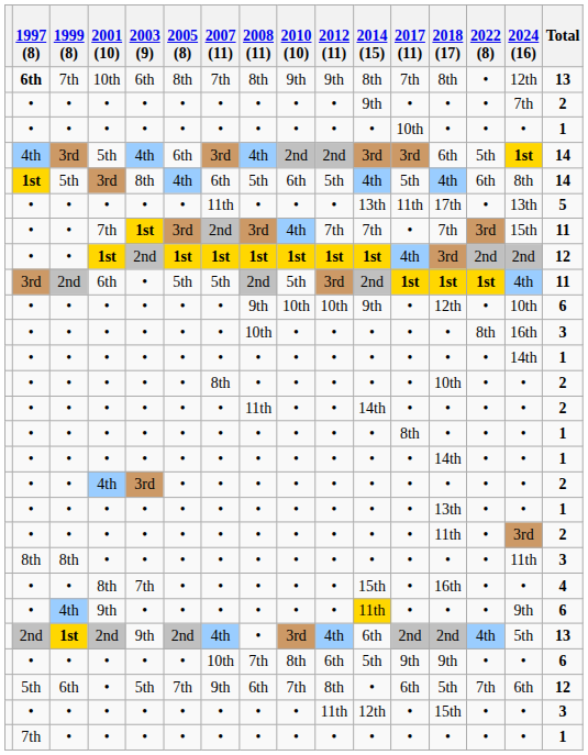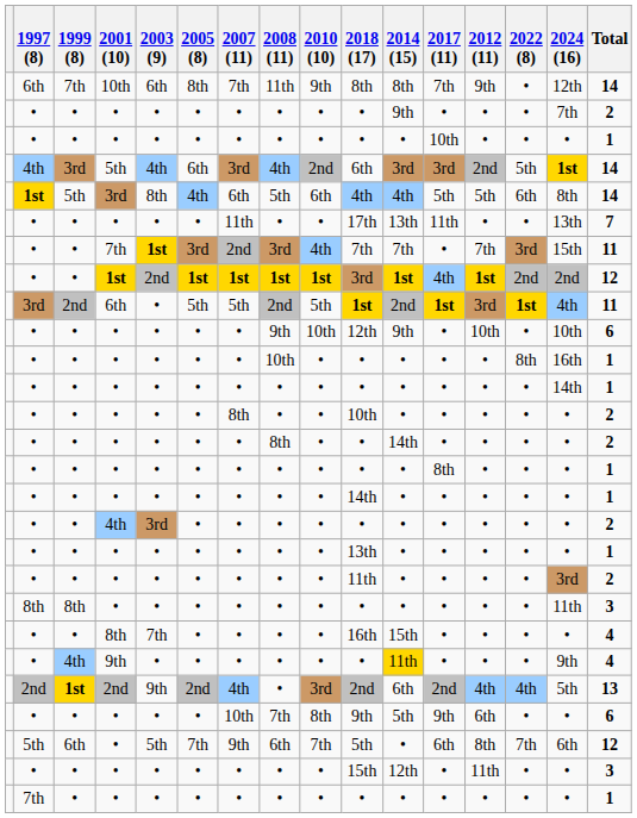 <table class="wikitable" style="text-align:center; font-size:90%">
 <tr>
 <th></th>
 <th><br><a href='#'>1997</a><br>(8)</th>
 <th><br><a href='#'>1999</a><br> (8)</th>
 <th><br><a href='#'>2001</a><br>(10)</th>
 <th><br><a href='#'>2003</a><br>(9)</th>
 <th><br><a href='#'>2005</a><br>(8)</th>
 <th><br><a href='#'>2007</a><br>(11)</th>
 <th><br><a href='#'>2008</a><br>(11)</th>
 <th><br><a href='#'>2010</a><br>(10)</th>
-<th><br><a href='#'>2012</a><br>(11)</th>
+<th><br><a href='#'>2018</a><br>(17)</th>
 <th><br><a href='#'>2014</a><br>(15)</th>
 <th><br><a href='#'>2017</a><br>(11)</th>
-<th><br><a href='#'>2018</a><br>(17)</th>
+<th><br><a href='#'>2012</a><br>(11)</th>
 <th><br><a href='#'>2022</a><br>(8)</th>
 <th><br><a href='#'>2024</a><br>(16)</th>
 <th>Total</th>
 </tr>
 <tr>
 <td align=left></td>
-<td><strong>6th</strong></td>
+<td>6th</td>
 <td>7th</td>
 <td>10th</td>
 <td>6th</td>
 <td>8th</td>
 <td>7th</td>
-<td>8th</td>
-<td>9th</td>
+<td>11th</td>
 <td>9th</td>
 <td>8th</td>
+<td>8th</td>
 <td>7th</td>
-<td>8th</td>
+<td>9th</td>
 <td>•</td>
 <td>12th</td>
-<td><strong>13</strong></td>
+<td><strong>14</strong></td>
 </tr>
 <tr>
 <td align=left></td>
 <td>•</td>
 <td>•</td>
 <td>•</td>
 <td>•</td>
 <td>•</td>
 <td>•</td>
 <td>•</td>
 <td>•</td>
 <td>•</td>
 <td>9th</td>
 <td>•</td>
 <td>•</td>
 <td>•</td>
 <td>7th</td>
 <td><strong>2</strong></td>
 </tr>
 <tr>
 <td align=left></td>
 <td>•</td>
 <td>•</td>
 <td>•</td>
 <td>•</td>
 <td>•</td>
 <td>•</td>
 <td>•</td>
 <td>•</td>
 <td>•</td>
 <td>•</td>
 <td>10th</td>
 <td>•</td>
 <td>•</td>
 <td>•</td>
 <td><strong>1</strong></td>
 </tr>
 <tr>
 <td align=left></td>
 <td bgcolor=#9acdff>4th</td>
 <td bgcolor=#cc9966>3rd</td>
 <td>5th</td>
 <td bgcolor=#9acdff>4th</td>
 <td>6th</td>
 <td bgcolor=#cc9966>3rd</td>
 <td bgcolor=#9acdff>4th</td>
 <td bgcolor=silver>2nd</td>
-<td bgcolor=silver>2nd</td>
+<td>6th</td>
 <td bgcolor=#cc9966>3rd</td>
 <td bgcolor=#cc9966>3rd</td>
-<td>6th</td>
+<td bgcolor=silver>2nd</td>
 <td>5th</td>
 <td bgcolor=gold><strong>1st</strong></td>
 <td><strong>14</strong></td>
 </tr>
 <tr>
 <td align=left></td>
 <td bgcolor=gold><strong>1st</strong></td>
 <td>5th</td>
 <td bgcolor=#cc9966>3rd</td>
 <td>8th</td>
 <td bgcolor=#9acdff>4th</td>
 <td>6th</td>
 <td>5th</td>
 <td>6th</td>
-<td>5th</td>
+<td bgcolor=#9acdff>4th</td>
 <td bgcolor=#9acdff>4th</td>
 <td>5th</td>
-<td bgcolor=#9acdff>4th</td>
+<td>5th</td>
 <td>6th</td>
 <td>8th</td>
 <td><strong>14</strong></td>
 </tr>
 <tr>
 <td align=left></td>
 <td>•</td>
 <td>•</td>
 <td>•</td>
 <td>•</td>
 <td>•</td>
 <td>11th</td>
 <td>•</td>
 <td>•</td>
+<td>17th</td>
+<td>13th</td>
+<td>11th</td>
+<td>•</td>
 <td>•</td>
 <td>13th</td>
-<td>11th</td>
-<td>17th</td>
-<td>•</td>
-<td>13th</td>
-<td><strong>5</strong></td>
+<td><strong>7</strong></td>
 </tr>
 <tr>
 <td align=left></td>
 <td>•</td>
 <td>•</td>
 <td>7th</td>
 <td bgcolor=gold><strong>1st</strong></td>
 <td bgcolor=#cc9966>3rd</td>
 <td bgcolor=silver>2nd</td>
 <td bgcolor=#cc9966>3rd</td>
 <td bgcolor=#9acdff>4th</td>
 <td>7th</td>
 <td>7th</td>
 <td>•</td>
 <td>7th</td>
 <td bgcolor=#cc9966>3rd</td>
 <td>15th</td>
 <td><strong>11</strong></td>
 </tr>
 <tr>
 <td align=left></td>
 <td>•</td>
 <td>•</td>
 <td bgcolor=gold><strong>1st</strong></td>
 <td bgcolor=silver>2nd</td>
 <td bgcolor=gold><strong>1st</strong></td>
 <td bgcolor=gold><strong>1st</strong></td>
 <td bgcolor=gold><strong>1st</strong></td>
 <td bgcolor=gold><strong>1st</strong></td>
-<td bgcolor=gold><strong>1st</strong></td>
+<td bgcolor=#cc9966>3rd</td>
 <td bgcolor=gold><strong>1st</strong></td>
 <td bgcolor=#9acdff>4th</td>
-<td bgcolor=#cc9966>3rd</td>
+<td bgcolor=gold><strong>1st</strong></td>
 <td bgcolor=silver>2nd</td>
 <td bgcolor=silver>2nd</td>
 <td><strong>12</strong></td>
 </tr>
 <tr>
 <td align=left></td>
 <td bgcolor=#cc9966>3rd</td>
 <td bgcolor=silver>2nd</td>
 <td>6th</td>
 <td>•</td>
 <td>5th</td>
 <td>5th</td>
 <td bgcolor=silver>2nd</td>
 <td>5th</td>
-<td bgcolor=#cc9966>3rd</td>
+<td bgcolor=gold><strong>1st</strong></td>
 <td bgcolor=silver>2nd</td>
 <td bgcolor=gold><strong>1st</strong></td>
-<td bgcolor=gold><strong>1st</strong></td>
+<td bgcolor=#cc9966>3rd</td>
 <td bgcolor=gold><strong>1st</strong></td>
 <td bgcolor=#9acdff>4th</td>
 <td><strong>11</strong></td>
 </tr>
 <tr>
 <td align=left></td>
 <td>•</td>
 <td>•</td>
 <td>•</td>
 <td>•</td>
 <td>•</td>
 <td>•</td>
 <td>9th</td>
 <td>10th</td>
-<td>10th</td>
+<td>12th</td>
 <td>9th</td>
 <td>•</td>
-<td>12th</td>
+<td>10th</td>
 <td>•</td>
 <td>10th</td>
 <td><strong>6</strong></td>
 </tr>
 <tr>
 <td align=left></td>
 <td>•</td>
 <td>•</td>
 <td>•</td>
 <td>•</td>
 <td>•</td>
 <td>•</td>
 <td>10th</td>
 <td>•</td>
 <td>•</td>
 <td>•</td>
 <td>•</td>
 <td>•</td>
 <td>8th</td>
 <td>16th</td>
-<td><strong>3</strong></td>
+<td><strong>1</strong></td>
 </tr>
 <tr>
 <td align=left></td>
 <td>•</td>
 <td>•</td>
 <td>•</td>
 <td>•</td>
 <td>•</td>
 <td>•</td>
 <td>•</td>
 <td>•</td>
 <td>•</td>
 <td>•</td>
 <td>•</td>
 <td>•</td>
 <td>•</td>
 <td>14th</td>
 <td><strong>1</strong></td>
 </tr>
 <tr>
 <td align=left></td>
 <td>•</td>
 <td>•</td>
 <td>•</td>
 <td>•</td>
 <td>•</td>
 <td>8th</td>
 <td>•</td>
 <td>•</td>
+<td>10th</td>
 <td>•</td>
 <td>•</td>
 <td>•</td>
-<td>10th</td>
 <td>•</td>
 <td>•</td>
 <td><strong>2</strong></td>
 </tr>
 <tr>
 <td align=left></td>
 <td>•</td>
 <td>•</td>
 <td>•</td>
 <td>•</td>
 <td>•</td>
 <td>•</td>
-<td>11th</td>
+<td>8th</td>
 <td>•</td>
 <td>•</td>
 <td>14th</td>
 <td>•</td>
 <td>•</td>
 <td>•</td>
 <td>•</td>
 <td><strong>2</strong></td>
 </tr>
 <tr>
 <td align=left></td>
 <td>•</td>
 <td>•</td>
 <td>•</td>
 <td>•</td>
 <td>•</td>
 <td>•</td>
 <td>•</td>
 <td>•</td>
 <td>•</td>
 <td>•</td>
 <td>8th</td>
 <td>•</td>
 <td>•</td>
 <td>•</td>
 <td><strong>1</strong></td>
 </tr>
 <tr>
 <td align=left></td>
 <td>•</td>
 <td>•</td>
 <td>•</td>
 <td>•</td>
 <td>•</td>
 <td>•</td>
 <td>•</td>
 <td>•</td>
+<td>14th</td>
 <td>•</td>
 <td>•</td>
 <td>•</td>
-<td>14th</td>
 <td>•</td>
 <td>•</td>
 <td><strong>1</strong></td>
 </tr>
 <tr>
 <td align=left></td>
 <td>•</td>
 <td>•</td>
 <td bgcolor=#9acdff>4th</td>
 <td bgcolor=#cc9966>3rd</td>
 <td>•</td>
 <td>•</td>
 <td>•</td>
 <td>•</td>
 <td>•</td>
 <td>•</td>
 <td>•</td>
 <td>•</td>
 <td>•</td>
 <td>•</td>
 <td><strong>2</strong></td>
 </tr>
 <tr>
 <td align=left></td>
 <td>•</td>
 <td>•</td>
 <td>•</td>
 <td>•</td>
 <td>•</td>
 <td>•</td>
 <td>•</td>
 <td>•</td>
+<td>13th</td>
 <td>•</td>
 <td>•</td>
 <td>•</td>
-<td>13th</td>
 <td>•</td>
 <td>•</td>
 <td><strong>1</strong></td>
 </tr>
 <tr>
 <td align=left></td>
 <td>•</td>
 <td>•</td>
 <td>•</td>
 <td>•</td>
 <td>•</td>
 <td>•</td>
 <td>•</td>
 <td>•</td>
+<td>11th</td>
 <td>•</td>
 <td>•</td>
 <td>•</td>
-<td>11th</td>
 <td>•</td>
 <td bgcolor=#cc9966>3rd</td>
 <td><strong>2</strong></td>
 </tr>
 <tr>
 <td align=left></td>
 <td>8th</td>
 <td>8th</td>
 <td>•</td>
 <td>•</td>
 <td>•</td>
 <td>•</td>
 <td>•</td>
 <td>•</td>
 <td>•</td>
 <td>•</td>
 <td>•</td>
 <td>•</td>
 <td>•</td>
 <td>11th</td>
 <td><strong>3</strong></td>
 </tr>
 <tr>
 <td align=left></td>
 <td>•</td>
 <td>•</td>
 <td>8th</td>
 <td>7th</td>
 <td>•</td>
 <td>•</td>
 <td>•</td>
 <td>•</td>
-<td>•</td>
+<td>16th</td>
 <td>15th</td>
 <td>•</td>
-<td>16th</td>
+<td>•</td>
 <td>•</td>
 <td>•</td>
 <td><strong>4</strong></td>
 </tr>
 <tr>
 <td align=left></td>
 <td>•</td>
 <td bgcolor=#9acdff>4th</td>
 <td>9th</td>
 <td>•</td>
 <td>•</td>
 <td>•</td>
 <td>•</td>
 <td>•</td>
 <td>•</td>
 <td style="background: gold;">11th</td>
 <td>•</td>
 <td>•</td>
 <td>•</td>
 <td>9th</td>
-<td><strong>6</strong></td>
+<td><strong>4</strong></td>
 </tr>
 <tr>
 <td align=left></td>
 <td bgcolor=silver>2nd</td>
 <td bgcolor=gold><strong>1st</strong></td>
 <td bgcolor=silver>2nd</td>
 <td>9th</td>
 <td bgcolor=silver>2nd</td>
 <td bgcolor=#9acdff>4th</td>
 <td>•</td>
 <td bgcolor=#cc9966>3rd</td>
-<td bgcolor=#9acdff>4th</td>
+<td bgcolor=silver>2nd</td>
 <td>6th</td>
 <td bgcolor=silver>2nd</td>
-<td bgcolor=silver>2nd</td>
+<td bgcolor=#9acdff>4th</td>
 <td bgcolor=#9acdff>4th</td>
 <td>5th</td>
 <td><strong>13</strong></td>
 </tr>
 <tr>
 <td align=left></td>
 <td>•</td>
 <td>•</td>
 <td>•</td>
 <td>•</td>
 <td>•</td>
 <td>10th</td>
 <td>7th</td>
 <td>8th</td>
-<td>6th</td>
+<td>9th</td>
 <td>5th</td>
 <td>9th</td>
-<td>9th</td>
+<td>6th</td>
 <td>•</td>
 <td>•</td>
 <td><strong>6</strong></td>
 </tr>
 <tr>
 <td align=left></td>
 <td>5th</td>
 <td>6th</td>
 <td>•</td>
 <td>5th</td>
 <td>7th</td>
 <td>9th</td>
 <td>6th</td>
 <td>7th</td>
-<td>8th</td>
+<td>5th</td>
 <td>•</td>
 <td>6th</td>
-<td>5th</td>
+<td>8th</td>
 <td>7th</td>
 <td>6th</td>
 <td><strong>12</strong></td>
 </tr>
 <tr>
 <td align=left></td>
 <td>•</td>
 <td>•</td>
 <td>•</td>
 <td>•</td>
 <td>•</td>
 <td>•</td>
 <td>•</td>
 <td>•</td>
-<td>11th</td>
+<td>15th</td>
 <td>12th</td>
 <td>•</td>
-<td>15th</td>
+<td>11th</td>
 <td>•</td>
 <td>•</td>
 <td><strong>3</strong></td>
 </tr>
 <tr>
 <td align=left></td>
 <td>7th</td>
 <td>•</td>
 <td>•</td>
 <td>•</td>
 <td>•</td>
 <td>•</td>
 <td>•</td>
 <td>•</td>
 <td>•</td>
 <td>•</td>
 <td>•</td>
 <td>•</td>
 <td>•</td>
 <td>•</td>
 <td><strong>1</strong></td>
 </tr>
 </table>
